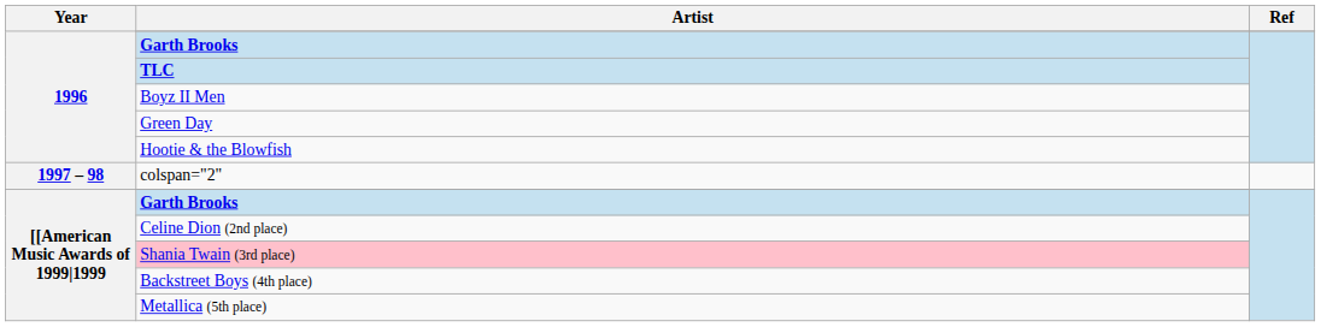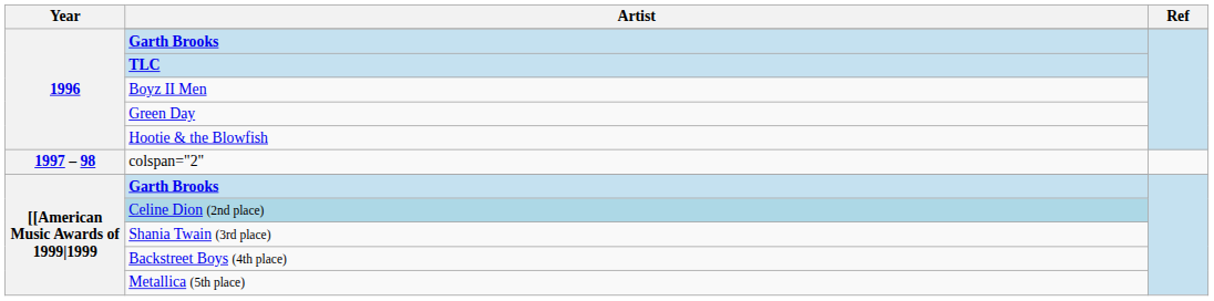 <table class="wikitable" width="100%">
 <tr>
 <th width="10%">Year</th>
 <th width="85%">Artist</th>
 <th width="5%">Ref</th>
 </tr>
 <tr>
 <th rowspan="6" align="center"><a href='#'>1996<br></a></th>
 </tr>
 <tr style="background:#c5e1f0">
 <td><strong><a href='#'>Garth Brooks</a></strong> </td>
 <td rowspan="5" align="center"></td>
 </tr>
 <tr style="background:#c5e1f0">
 <td><strong><a href='#'>TLC</a></strong> </td>
 </tr>
 <tr>
 <td><a href='#'>Boyz II Men</a></td>
 </tr>
 <tr>
 <td><a href='#'>Green Day</a></td>
 </tr>
 <tr>
 <td><a href='#'>Hootie & the Blowfish</a></td>
 </tr>
 <tr>
 <th align="center"><a href='#'>1997</a> – <a href='#'>98</a></th>
 <td>colspan="2" </td>
 </tr>
 <tr>
 <th rowspan="7" align="center">[[American Music Awards of 1999|1999<br></th>
 </tr>
 <tr style="background:#c5e1f0">
 <td><strong><a href='#'>Garth Brooks</a></strong></td>
 <td rowspan="6" align="center"></td>
 </tr>
 <tr>
-<td><a href='#'>Celine Dion</a> <small>(2nd place)</small></td>
+<td style="background: lightblue;"><a href='#'>Celine Dion</a> <small>(2nd place)</small></td>
 </tr>
 <tr>
-<td style="background: pink;"><a href='#'>Shania Twain</a> <small>(3rd place)</small></td>
+<td><a href='#'>Shania Twain</a> <small>(3rd place)</small></td>
 </tr>
 <tr>
 <td><a href='#'>Backstreet Boys</a> <small>(4th place)</small></td>
 </tr>
 <tr>
 <td><a href='#'>Metallica</a> <small>(5th place)</small></td>
 </tr>
 </table>
